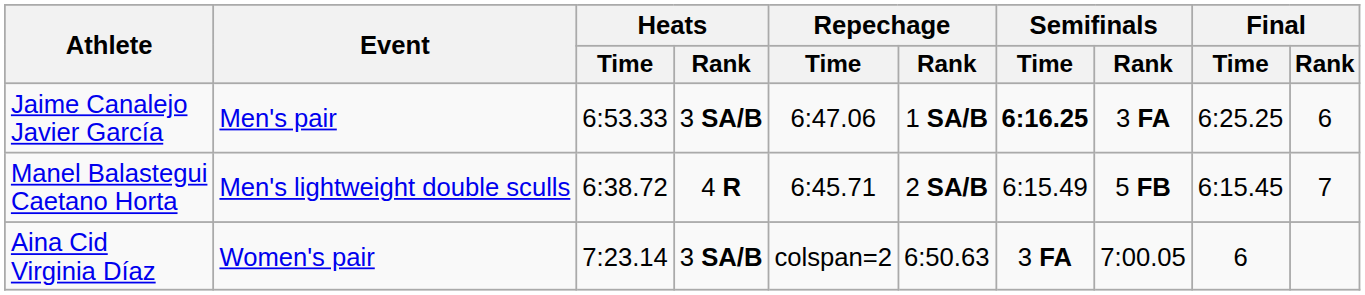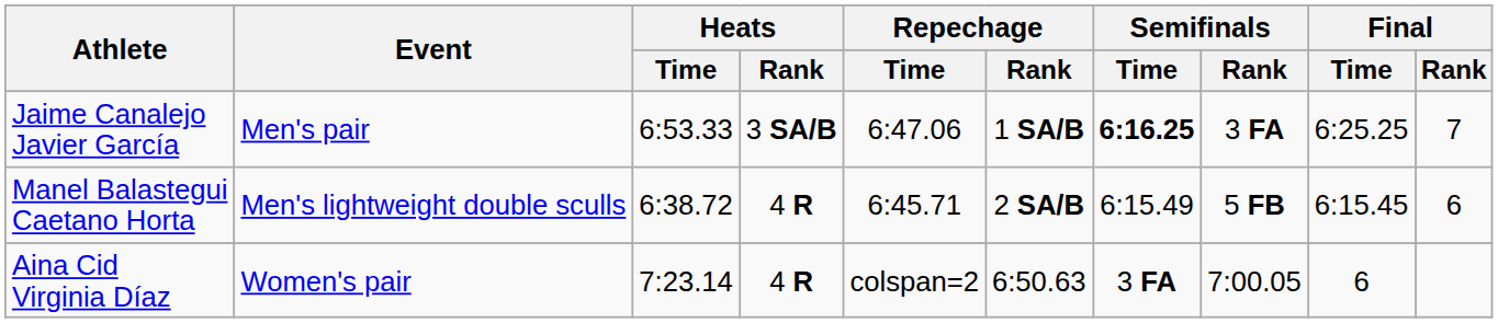 <table class="wikitable" style="font-size:90%">
 <tr>
 <th rowspan="2">Athlete</th>
 <th rowspan="2">Event</th>
 <th colspan="2">Heats</th>
 <th colspan="2">Repechage</th>
 <th colspan="2">Semifinals</th>
 <th colspan="2">Final</th>
 </tr>
 <tr style="font-size:95%">
 <th>Time</th>
 <th>Rank</th>
 <th>Time</th>
 <th>Rank</th>
 <th>Time</th>
 <th>Rank</th>
 <th>Time</th>
 <th>Rank</th>
 </tr>
 <tr align=center>
 <td align=left><a href='#'>Jaime Canalejo</a><br><a href='#'>Javier García</a></td>
 <td align=left><a href='#'>Men's pair</a></td>
 <td>6:53.33</td>
 <td>3 <strong>SA/B</strong></td>
 <td>6:47.06</td>
 <td>1 <strong>SA/B</strong></td>
 <td><strong>6:16.25</strong></td>
 <td>3 <strong>FA</strong></td>
 <td>6:25.25</td>
-<td>6</td>
+<td>7</td>
 </tr>
 <tr align=center>
 <td align=left><a href='#'>Manel Balastegui</a><br><a href='#'>Caetano Horta</a></td>
 <td align=left><a href='#'>Men's lightweight double sculls</a></td>
 <td>6:38.72</td>
 <td>4 <strong>R</strong></td>
 <td>6:45.71</td>
 <td>2 <strong>SA/B</strong></td>
 <td>6:15.49</td>
 <td>5 <strong>FB</strong></td>
 <td>6:15.45</td>
-<td>7</td>
+<td>6</td>
 </tr>
 <tr align=center>
 <td align=left><a href='#'>Aina Cid</a><br><a href='#'>Virginia Díaz</a></td>
 <td align=left><a href='#'>Women's pair</a></td>
 <td>7:23.14</td>
-<td>3 <strong>SA/B</strong></td>
+<td>4 <strong>R</strong></td>
 <td>colspan=2 </td>
 <td>6:50.63</td>
 <td>3 <strong>FA</strong></td>
 <td>7:00.05</td>
 <td>6</td>
 </tr>
 </table>
